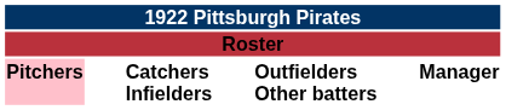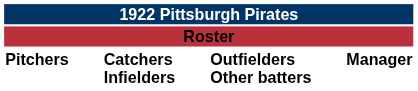 <table class="toccolours" style="font-size: 95%;">
 <tr>
 <th colspan="10" style="background-color: #023465; color: white; text-align: center;">1922 Pittsburgh Pirates</th>
 </tr>
 <tr>
 <td colspan="10" style="background-color: #ba313c; color: black; text-align: center;"><strong>Roster</strong></td>
 </tr>
 <tr>
-<td valign="top" style="background: pink;"><strong>Pitchers</strong><br>          </td>
+<td valign="top"><strong>Pitchers</strong><br>          </td>
 <td width="25px"></td>
 <td valign="top"><strong>Catchers</strong><br>    <strong>Infielders</strong>        </td>
 <td width="25px"></td>
 <td valign="top"><strong>Outfielders</strong><br>       <strong>Other batters</strong>    </td>
 <td width="25px"></td>
 <td valign="top"><strong>Manager</strong><br> </td>
 </tr>
 </table>
